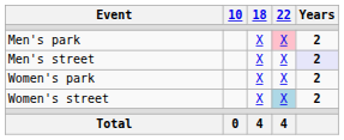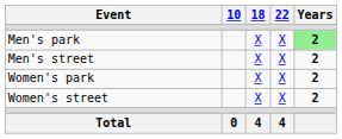 <table class="wikitable" style="text-align:center">
 <tr>
 <th width="230">Event</th>
 <th width=20><a href='#'>10</a></th>
 <th width=20><a href='#'>18</a></th>
 <th width=20><a href='#'>22</a></th>
 <th width=40>Years</th>
 </tr>
 <tr bgcolor=#DDDDDD>
 <td colspan=5></td>
 </tr>
 <tr>
 <td align=left>Men's park</td>
 <td></td>
 <td><a href='#'>X</a></td>
-<td style="background: pink;"><a href='#'>X</a></td>
-<td><strong>2</strong></td>
+<td><a href='#'>X</a></td>
+<td style="background: lightgreen;"><strong>2</strong></td>
 </tr>
 <tr>
 <td align=left>Men's street</td>
 <td></td>
 <td><a href='#'>X</a></td>
 <td><a href='#'>X</a></td>
-<td style="background: lavender;"><strong>2</strong></td>
+<td><strong>2</strong></td>
 </tr>
 <tr>
 <td align=left>Women's park</td>
 <td></td>
 <td><a href='#'>X</a></td>
 <td><a href='#'>X</a></td>
 <td><strong>2</strong></td>
 </tr>
 <tr>
 <td align=left>Women's street</td>
 <td></td>
 <td><a href='#'>X</a></td>
-<td style="background: lightblue;"><a href='#'>X</a></td>
+<td><a href='#'>X</a></td>
 <td><strong>2</strong></td>
 </tr>
 <tr bgcolor=#DDDDDD>
 <td colspan=5></td>
 </tr>
 <tr>
 <th>Total</th>
 <th>0</th>
 <th>4</th>
 <th>4</th>
 <th></th>
 </tr>
 </table>
